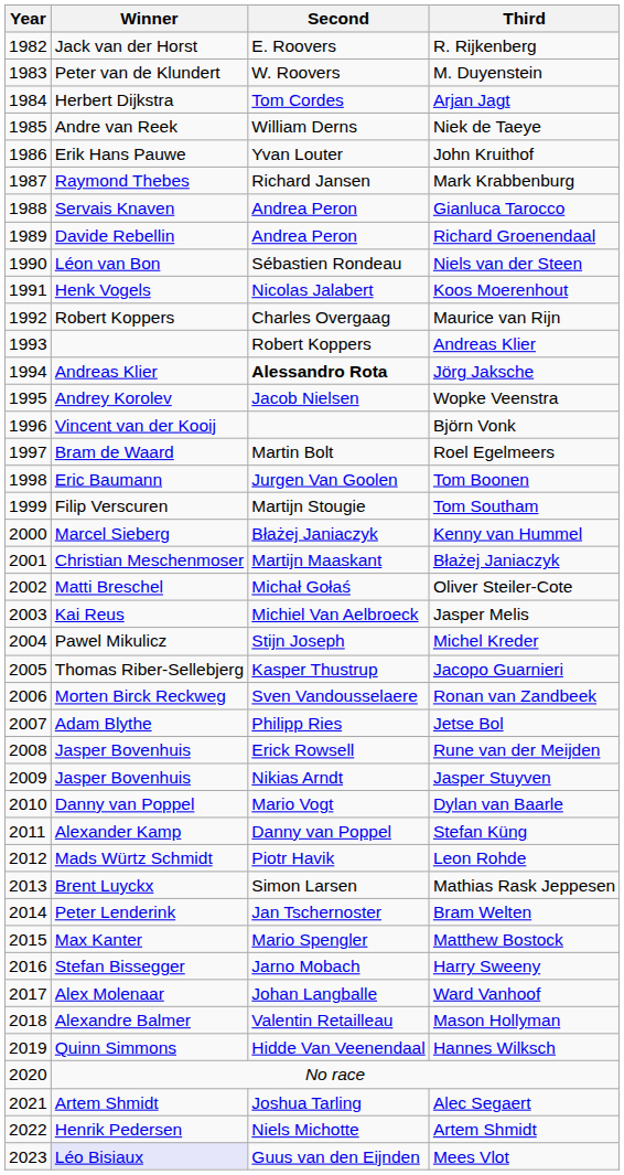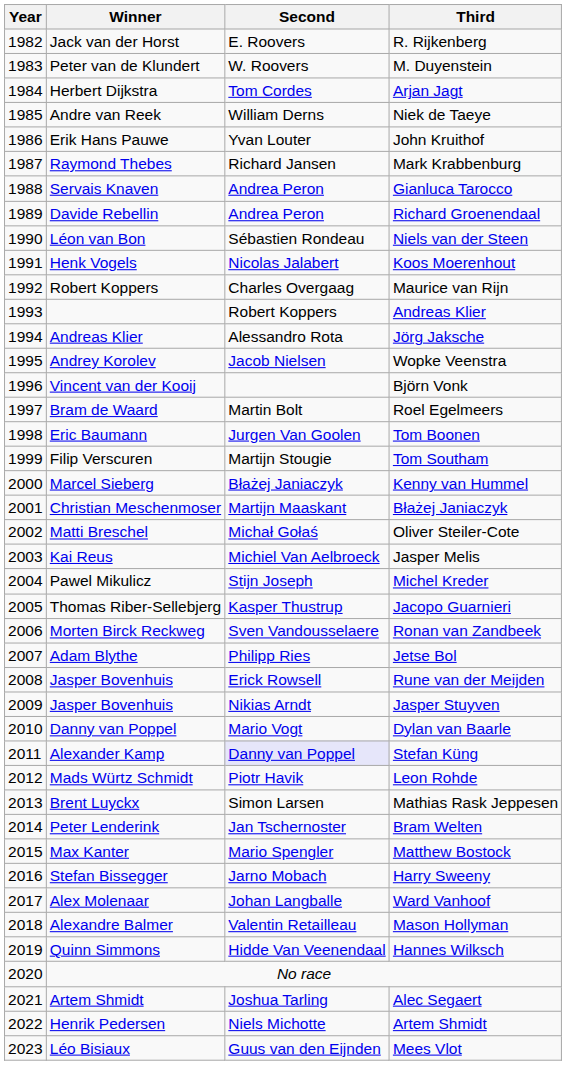 <table class="wikitable sortable" style="font-size:95%">
 <tr>
 <th>Year</th>
 <th>Winner</th>
 <th>Second</th>
 <th>Third</th>
 </tr>
 <tr>
 <td>1982</td>
 <td> Jack van der Horst</td>
 <td> E. Roovers</td>
 <td> R. Rijkenberg</td>
 </tr>
 <tr>
 <td>1983</td>
 <td> Peter van de Klundert</td>
 <td> W. Roovers</td>
 <td> M. Duyenstein</td>
 </tr>
 <tr>
 <td>1984</td>
 <td> Herbert Dijkstra</td>
 <td> <a href='#'>Tom Cordes</a></td>
 <td> <a href='#'>Arjan Jagt</a></td>
 </tr>
 <tr>
 <td>1985</td>
 <td> Andre van Reek</td>
 <td> William Derns</td>
 <td> Niek de Taeye</td>
 </tr>
 <tr>
 <td>1986</td>
 <td> Erik Hans Pauwe</td>
 <td> Yvan Louter</td>
 <td> John Kruithof</td>
 </tr>
 <tr>
 <td>1987</td>
 <td> <a href='#'>Raymond Thebes</a></td>
 <td> Richard Jansen</td>
 <td> Mark Krabbenburg</td>
 </tr>
 <tr>
 <td>1988</td>
 <td> <a href='#'>Servais Knaven</a></td>
 <td> <a href='#'>Andrea Peron</a></td>
 <td> <a href='#'>Gianluca Tarocco</a></td>
 </tr>
 <tr>
 <td>1989</td>
 <td> <a href='#'>Davide Rebellin</a></td>
 <td> <a href='#'>Andrea Peron</a></td>
 <td> <a href='#'>Richard Groenendaal</a></td>
 </tr>
 <tr>
 <td>1990</td>
 <td> <a href='#'>Léon van Bon</a></td>
 <td> Sébastien Rondeau</td>
 <td> <a href='#'>Niels van der Steen</a></td>
 </tr>
 <tr>
 <td>1991</td>
 <td> <a href='#'>Henk Vogels</a></td>
 <td> <a href='#'>Nicolas Jalabert</a></td>
 <td>  <a href='#'>Koos Moerenhout</a></td>
 </tr>
 <tr>
 <td>1992</td>
 <td> Robert Koppers</td>
 <td> Charles Overgaag</td>
 <td> Maurice van Rijn</td>
 </tr>
 <tr>
 <td>1993</td>
 <td> </td>
 <td> Robert Koppers</td>
 <td> <a href='#'>Andreas Klier</a></td>
 </tr>
 <tr>
 <td>1994</td>
 <td> <a href='#'>Andreas Klier</a></td>
-<td><strong> Alessandro Rota</strong></td>
+<td> Alessandro Rota</td>
 <td> <a href='#'>Jörg Jaksche</a></td>
 </tr>
 <tr>
 <td>1995</td>
 <td> <a href='#'>Andrey Korolev</a></td>
 <td> <a href='#'>Jacob Nielsen</a></td>
 <td> Wopke Veenstra</td>
 </tr>
 <tr>
 <td>1996</td>
 <td> <a href='#'>Vincent van der Kooij</a></td>
 <td> </td>
 <td> Björn Vonk</td>
 </tr>
 <tr>
 <td>1997</td>
 <td> <a href='#'>Bram de Waard</a></td>
 <td> Martin Bolt</td>
 <td> Roel Egelmeers</td>
 </tr>
 <tr>
 <td>1998</td>
 <td> <a href='#'>Eric Baumann</a></td>
 <td> <a href='#'>Jurgen Van Goolen</a></td>
 <td> <a href='#'>Tom Boonen</a></td>
 </tr>
 <tr>
 <td>1999</td>
 <td> Filip Verscuren</td>
 <td> Martijn Stougie</td>
 <td> <a href='#'>Tom Southam</a></td>
 </tr>
 <tr>
 <td>2000</td>
 <td> <a href='#'>Marcel Sieberg</a></td>
 <td> <a href='#'>Błażej Janiaczyk</a></td>
 <td> <a href='#'>Kenny van Hummel</a></td>
 </tr>
 <tr>
 <td>2001</td>
 <td> <a href='#'>Christian Meschenmoser</a></td>
 <td> <a href='#'>Martijn Maaskant</a></td>
 <td> <a href='#'>Błażej Janiaczyk</a></td>
 </tr>
 <tr>
 <td>2002</td>
 <td> <a href='#'>Matti Breschel</a></td>
 <td> <a href='#'>Michał Gołaś</a></td>
 <td> Oliver Steiler-Cote</td>
 </tr>
 <tr>
 <td>2003</td>
 <td> <a href='#'>Kai Reus</a></td>
 <td> <a href='#'>Michiel Van Aelbroeck</a></td>
 <td> Jasper Melis</td>
 </tr>
 <tr>
 <td>2004</td>
 <td> Pawel Mikulicz</td>
 <td> <a href='#'>Stijn Joseph</a></td>
 <td> <a href='#'>Michel Kreder</a></td>
 </tr>
 <tr>
 <td>2005</td>
 <td> Thomas Riber-Sellebjerg</td>
 <td> <a href='#'>Kasper Thustrup</a></td>
 <td> <a href='#'>Jacopo Guarnieri</a></td>
 </tr>
 <tr>
 <td>2006</td>
 <td> <a href='#'>Morten Birck Reckweg</a></td>
 <td> <a href='#'>Sven Vandousselaere</a></td>
 <td> <a href='#'>Ronan van Zandbeek</a></td>
 </tr>
 <tr>
 <td>2007</td>
 <td> <a href='#'>Adam Blythe</a></td>
 <td> <a href='#'>Philipp Ries</a></td>
 <td> <a href='#'>Jetse Bol</a></td>
 </tr>
 <tr>
 <td>2008</td>
 <td> <a href='#'>Jasper Bovenhuis</a></td>
 <td> <a href='#'>Erick Rowsell</a></td>
 <td> <a href='#'>Rune van der Meijden</a></td>
 </tr>
 <tr>
 <td>2009</td>
 <td> <a href='#'>Jasper Bovenhuis</a></td>
 <td> <a href='#'>Nikias Arndt</a></td>
 <td> <a href='#'>Jasper Stuyven</a></td>
 </tr>
 <tr>
 <td>2010</td>
 <td> <a href='#'>Danny van Poppel</a></td>
 <td> <a href='#'>Mario Vogt</a></td>
 <td> <a href='#'>Dylan van Baarle</a></td>
 </tr>
 <tr>
 <td>2011</td>
 <td> <a href='#'>Alexander Kamp</a></td>
-<td> <a href='#'>Danny van Poppel</a></td>
+<td style="background: lavender;"> <a href='#'>Danny van Poppel</a></td>
 <td> <a href='#'>Stefan Küng</a></td>
 </tr>
 <tr>
 <td>2012</td>
 <td> <a href='#'>Mads Würtz Schmidt</a></td>
 <td> <a href='#'>Piotr Havik</a></td>
 <td> <a href='#'>Leon Rohde</a></td>
 </tr>
 <tr>
 <td>2013</td>
 <td> <a href='#'>Brent Luyckx</a></td>
 <td> Simon Larsen</td>
 <td> Mathias Rask Jeppesen</td>
 </tr>
 <tr>
 <td>2014</td>
 <td> <a href='#'>Peter Lenderink</a></td>
 <td> <a href='#'>Jan Tschernoster</a></td>
 <td> <a href='#'>Bram Welten</a></td>
 </tr>
 <tr>
 <td>2015</td>
 <td> <a href='#'>Max Kanter</a></td>
 <td> <a href='#'>Mario Spengler</a></td>
 <td> <a href='#'>Matthew Bostock</a></td>
 </tr>
 <tr>
 <td>2016</td>
 <td> <a href='#'>Stefan Bissegger</a></td>
 <td> <a href='#'>Jarno Mobach</a></td>
 <td> <a href='#'>Harry Sweeny</a></td>
 </tr>
 <tr>
 <td>2017</td>
 <td> <a href='#'>Alex Molenaar</a></td>
 <td> <a href='#'>Johan Langballe</a></td>
 <td> <a href='#'>Ward Vanhoof</a></td>
 </tr>
 <tr>
 <td>2018</td>
 <td> <a href='#'>Alexandre Balmer</a></td>
 <td> <a href='#'>Valentin Retailleau</a></td>
 <td> <a href='#'>Mason Hollyman</a></td>
 </tr>
 <tr>
 <td>2019</td>
 <td> <a href='#'>Quinn Simmons</a></td>
 <td> <a href='#'>Hidde Van Veenendaal</a></td>
 <td> <a href='#'>Hannes Wilksch</a></td>
 </tr>
 <tr>
 <td>2020</td>
 <td colspan=3 align=center><em>No race</em></td>
 </tr>
 <tr>
 <td>2021</td>
 <td> <a href='#'>Artem Shmidt</a></td>
 <td> <a href='#'>Joshua Tarling</a></td>
 <td> <a href='#'>Alec Segaert</a></td>
 </tr>
 <tr>
 <td>2022</td>
 <td> <a href='#'>Henrik Pedersen</a></td>
 <td> <a href='#'>Niels Michotte</a></td>
 <td> <a href='#'>Artem Shmidt</a></td>
 </tr>
 <tr>
 <td>2023</td>
-<td style="background: lavender;"> <a href='#'>Léo Bisiaux</a></td>
+<td> <a href='#'>Léo Bisiaux</a></td>
 <td> <a href='#'>Guus van den Eijnden</a></td>
 <td> <a href='#'>Mees Vlot</a></td>
 </tr>
 </table>
